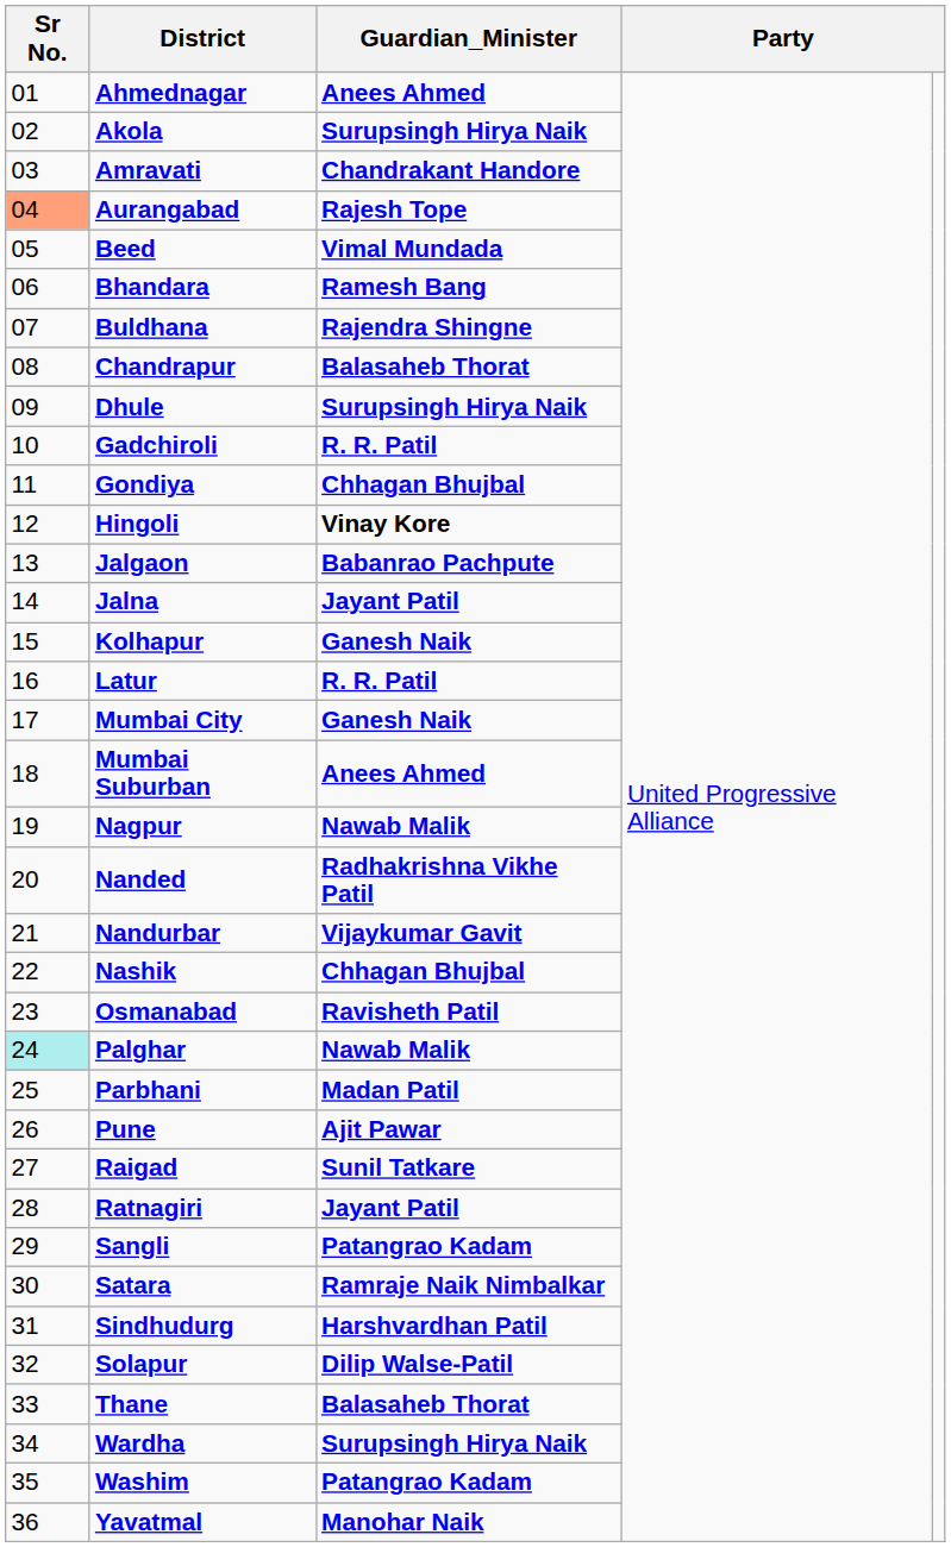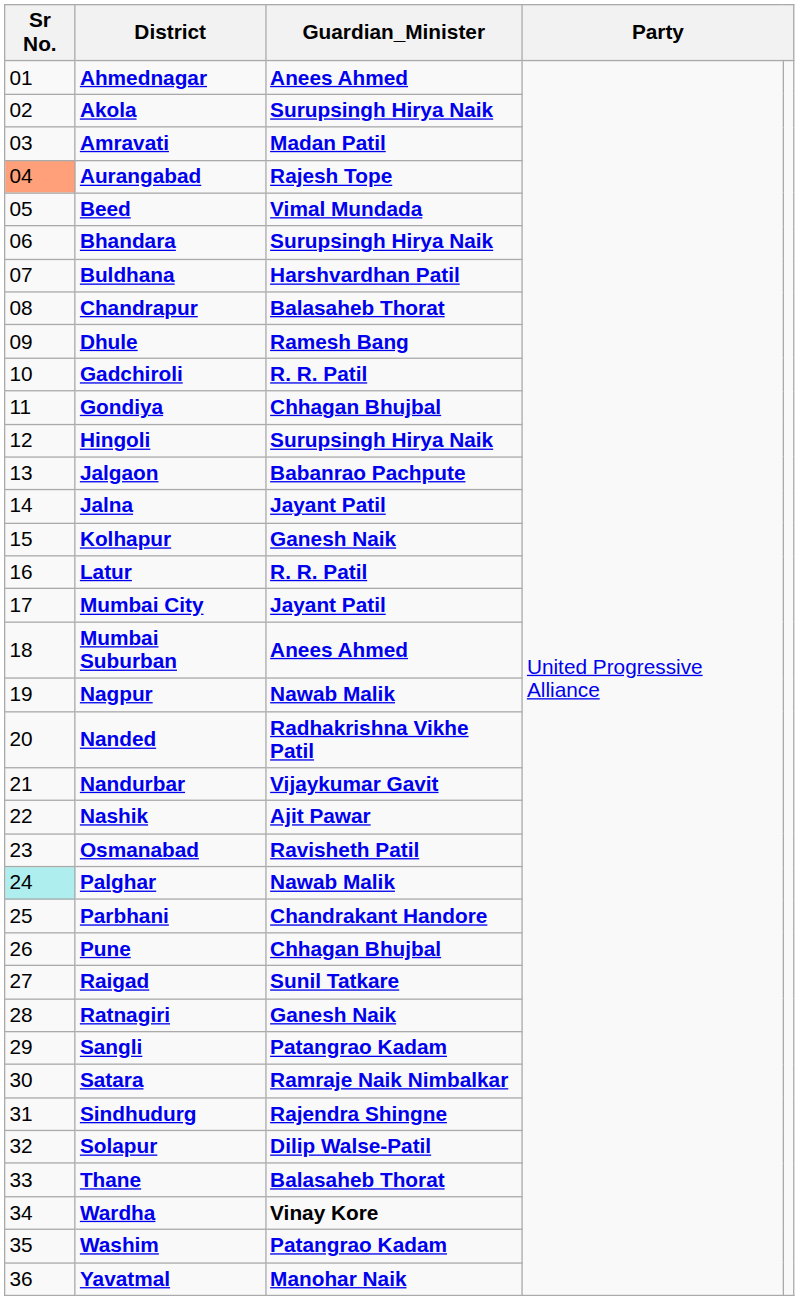 <table class="wikitable">
 <tr>
 <th>Sr No.</th>
 <th>District</th>
 <th>Guardian_Minister</th>
 <th colspan="2" scope="col">Party</th>
 </tr>
 <tr>
 <td>01</td>
 <td><strong><a href='#'>Ahmednagar</a></strong></td>
 <td><strong><a href='#'>Anees Ahmed</a></strong></td>
 <td rowspan=36><a href='#'>United Progressive Alliance</a></td>
 <td rowspan=36 style="width:1px; background-color: "></td>
 </tr>
 <tr>
 <td>02</td>
 <td><strong><a href='#'>Akola</a></strong></td>
 <td><strong><a href='#'>Surupsingh Hirya Naik</a></strong></td>
 </tr>
 <tr>
 <td>03</td>
 <td><strong><a href='#'>Amravati</a></strong></td>
-<td><strong><a href='#'>Chandrakant Handore</a></strong></td>
+<td><strong><a href='#'>Madan Patil</a></strong></td>
 </tr>
 <tr>
 <td style="background: lightsalmon;">04</td>
 <td><strong><a href='#'>Aurangabad</a></strong></td>
 <td><strong><a href='#'>Rajesh Tope</a></strong></td>
 </tr>
 <tr>
 <td>05</td>
 <td><strong><a href='#'>Beed</a></strong></td>
 <td><strong><a href='#'>Vimal Mundada</a></strong></td>
 </tr>
 <tr>
 <td>06</td>
 <td><strong><a href='#'>Bhandara</a></strong></td>
-<td><strong><a href='#'>Ramesh Bang</a></strong></td>
+<td><strong><a href='#'>Surupsingh Hirya Naik</a></strong></td>
 </tr>
 <tr>
 <td>07</td>
 <td><strong><a href='#'>Buldhana</a></strong></td>
-<td><strong><a href='#'>Rajendra Shingne</a></strong></td>
+<td><strong><a href='#'>Harshvardhan Patil</a></strong></td>
 </tr>
 <tr>
 <td>08</td>
 <td><strong><a href='#'>Chandrapur</a></strong></td>
 <td><strong><a href='#'>Balasaheb Thorat</a></strong></td>
 </tr>
 <tr>
 <td>09</td>
 <td><strong><a href='#'>Dhule</a></strong></td>
-<td><strong><a href='#'>Surupsingh Hirya Naik</a></strong></td>
+<td><strong><a href='#'>Ramesh Bang</a></strong></td>
 </tr>
 <tr>
 <td>10</td>
 <td><strong><a href='#'>Gadchiroli</a></strong></td>
 <td><strong><a href='#'>R. R. Patil</a></strong></td>
 </tr>
 <tr>
 <td>11</td>
 <td><strong><a href='#'>Gondiya</a></strong></td>
 <td><strong><a href='#'>Chhagan Bhujbal</a></strong> <br></td>
 </tr>
 <tr>
 <td>12</td>
 <td><strong><a href='#'>Hingoli</a></strong></td>
-<td><strong>Vinay Kore</strong></td>
+<td><strong><a href='#'>Surupsingh Hirya Naik</a></strong></td>
 </tr>
 <tr>
 <td>13</td>
 <td><strong><a href='#'>Jalgaon</a></strong></td>
 <td><strong><a href='#'>Babanrao Pachpute</a></strong></td>
 </tr>
 <tr>
 <td>14</td>
 <td><strong><a href='#'>Jalna</a></strong></td>
 <td><strong><a href='#'>Jayant Patil</a></strong></td>
 </tr>
 <tr>
 <td>15</td>
 <td><strong><a href='#'>Kolhapur</a></strong></td>
 <td><strong><a href='#'>Ganesh Naik</a></strong></td>
 </tr>
 <tr>
 <td>16</td>
 <td><strong><a href='#'>Latur</a></strong></td>
 <td><strong><a href='#'>R. R. Patil</a></strong></td>
 </tr>
 <tr>
 <td>17</td>
 <td><strong><a href='#'>Mumbai City</a></strong></td>
-<td><strong><a href='#'>Ganesh Naik</a></strong></td>
+<td><strong><a href='#'>Jayant Patil</a></strong></td>
 </tr>
 <tr>
 <td>18</td>
 <td><strong><a href='#'>Mumbai Suburban</a></strong></td>
 <td><strong><a href='#'>Anees Ahmed</a></strong></td>
 </tr>
 <tr>
 <td>19</td>
 <td><strong><a href='#'>Nagpur</a></strong></td>
 <td><strong><a href='#'>Nawab Malik</a></strong></td>
 </tr>
 <tr>
 <td>20</td>
 <td><strong><a href='#'>Nanded</a></strong></td>
 <td><strong><a href='#'>Radhakrishna Vikhe Patil</a></strong></td>
 </tr>
 <tr>
 <td>21</td>
 <td><strong><a href='#'>Nandurbar</a></strong></td>
 <td><strong><a href='#'>Vijaykumar Gavit</a></strong></td>
 </tr>
 <tr>
 <td>22</td>
 <td><strong><a href='#'>Nashik</a></strong></td>
-<td><strong><a href='#'>Chhagan Bhujbal</a></strong> <br></td>
+<td><strong><a href='#'>Ajit Pawar</a></strong></td>
 </tr>
 <tr>
 <td>23</td>
 <td><strong><a href='#'>Osmanabad</a></strong></td>
 <td><strong><a href='#'>Ravisheth Patil</a></strong></td>
 </tr>
 <tr>
 <td style="background: paleturquoise;">24</td>
 <td><strong><a href='#'>Palghar</a></strong></td>
 <td><strong><a href='#'>Nawab Malik</a></strong></td>
 </tr>
 <tr>
 <td>25</td>
 <td><strong><a href='#'>Parbhani</a></strong></td>
-<td><strong><a href='#'>Madan Patil</a></strong></td>
+<td><strong><a href='#'>Chandrakant Handore</a></strong></td>
 </tr>
 <tr>
 <td>26</td>
 <td><strong><a href='#'>Pune</a></strong></td>
-<td><strong><a href='#'>Ajit Pawar</a></strong></td>
+<td><strong><a href='#'>Chhagan Bhujbal</a></strong> <br></td>
 </tr>
 <tr>
 <td>27</td>
 <td><strong><a href='#'>Raigad</a></strong></td>
 <td><strong><a href='#'>Sunil Tatkare</a></strong></td>
 </tr>
 <tr>
 <td>28</td>
 <td><strong><a href='#'>Ratnagiri</a></strong></td>
-<td><strong><a href='#'>Jayant Patil</a></strong></td>
+<td><strong><a href='#'>Ganesh Naik</a></strong></td>
 </tr>
 <tr>
 <td>29</td>
 <td><strong><a href='#'>Sangli</a></strong></td>
 <td><strong><a href='#'>Patangrao Kadam</a></strong></td>
 </tr>
 <tr>
 <td>30</td>
 <td><strong><a href='#'>Satara</a></strong></td>
 <td><strong><a href='#'>Ramraje Naik Nimbalkar</a></strong></td>
 </tr>
 <tr>
 <td>31</td>
 <td><strong><a href='#'>Sindhudurg</a></strong></td>
-<td><strong><a href='#'>Harshvardhan Patil</a></strong></td>
+<td><strong><a href='#'>Rajendra Shingne</a></strong></td>
 </tr>
 <tr>
 <td>32</td>
 <td><strong><a href='#'>Solapur</a></strong></td>
 <td><strong><a href='#'>Dilip Walse-Patil</a></strong></td>
 </tr>
 <tr>
 <td>33</td>
 <td><strong><a href='#'>Thane</a></strong></td>
 <td><strong><a href='#'>Balasaheb Thorat</a></strong></td>
 </tr>
 <tr>
 <td>34</td>
 <td><strong><a href='#'>Wardha</a></strong></td>
-<td><strong><a href='#'>Surupsingh Hirya Naik</a></strong></td>
+<td><strong>Vinay Kore</strong></td>
 </tr>
 <tr>
 <td>35</td>
 <td><strong><a href='#'>Washim</a></strong></td>
 <td><strong><a href='#'>Patangrao Kadam</a></strong></td>
 </tr>
 <tr>
 <td>36</td>
 <td><strong><a href='#'>Yavatmal</a></strong></td>
 <td><strong><a href='#'>Manohar Naik</a></strong></td>
 </tr>
 <tr>
 </tr>
 </table>
